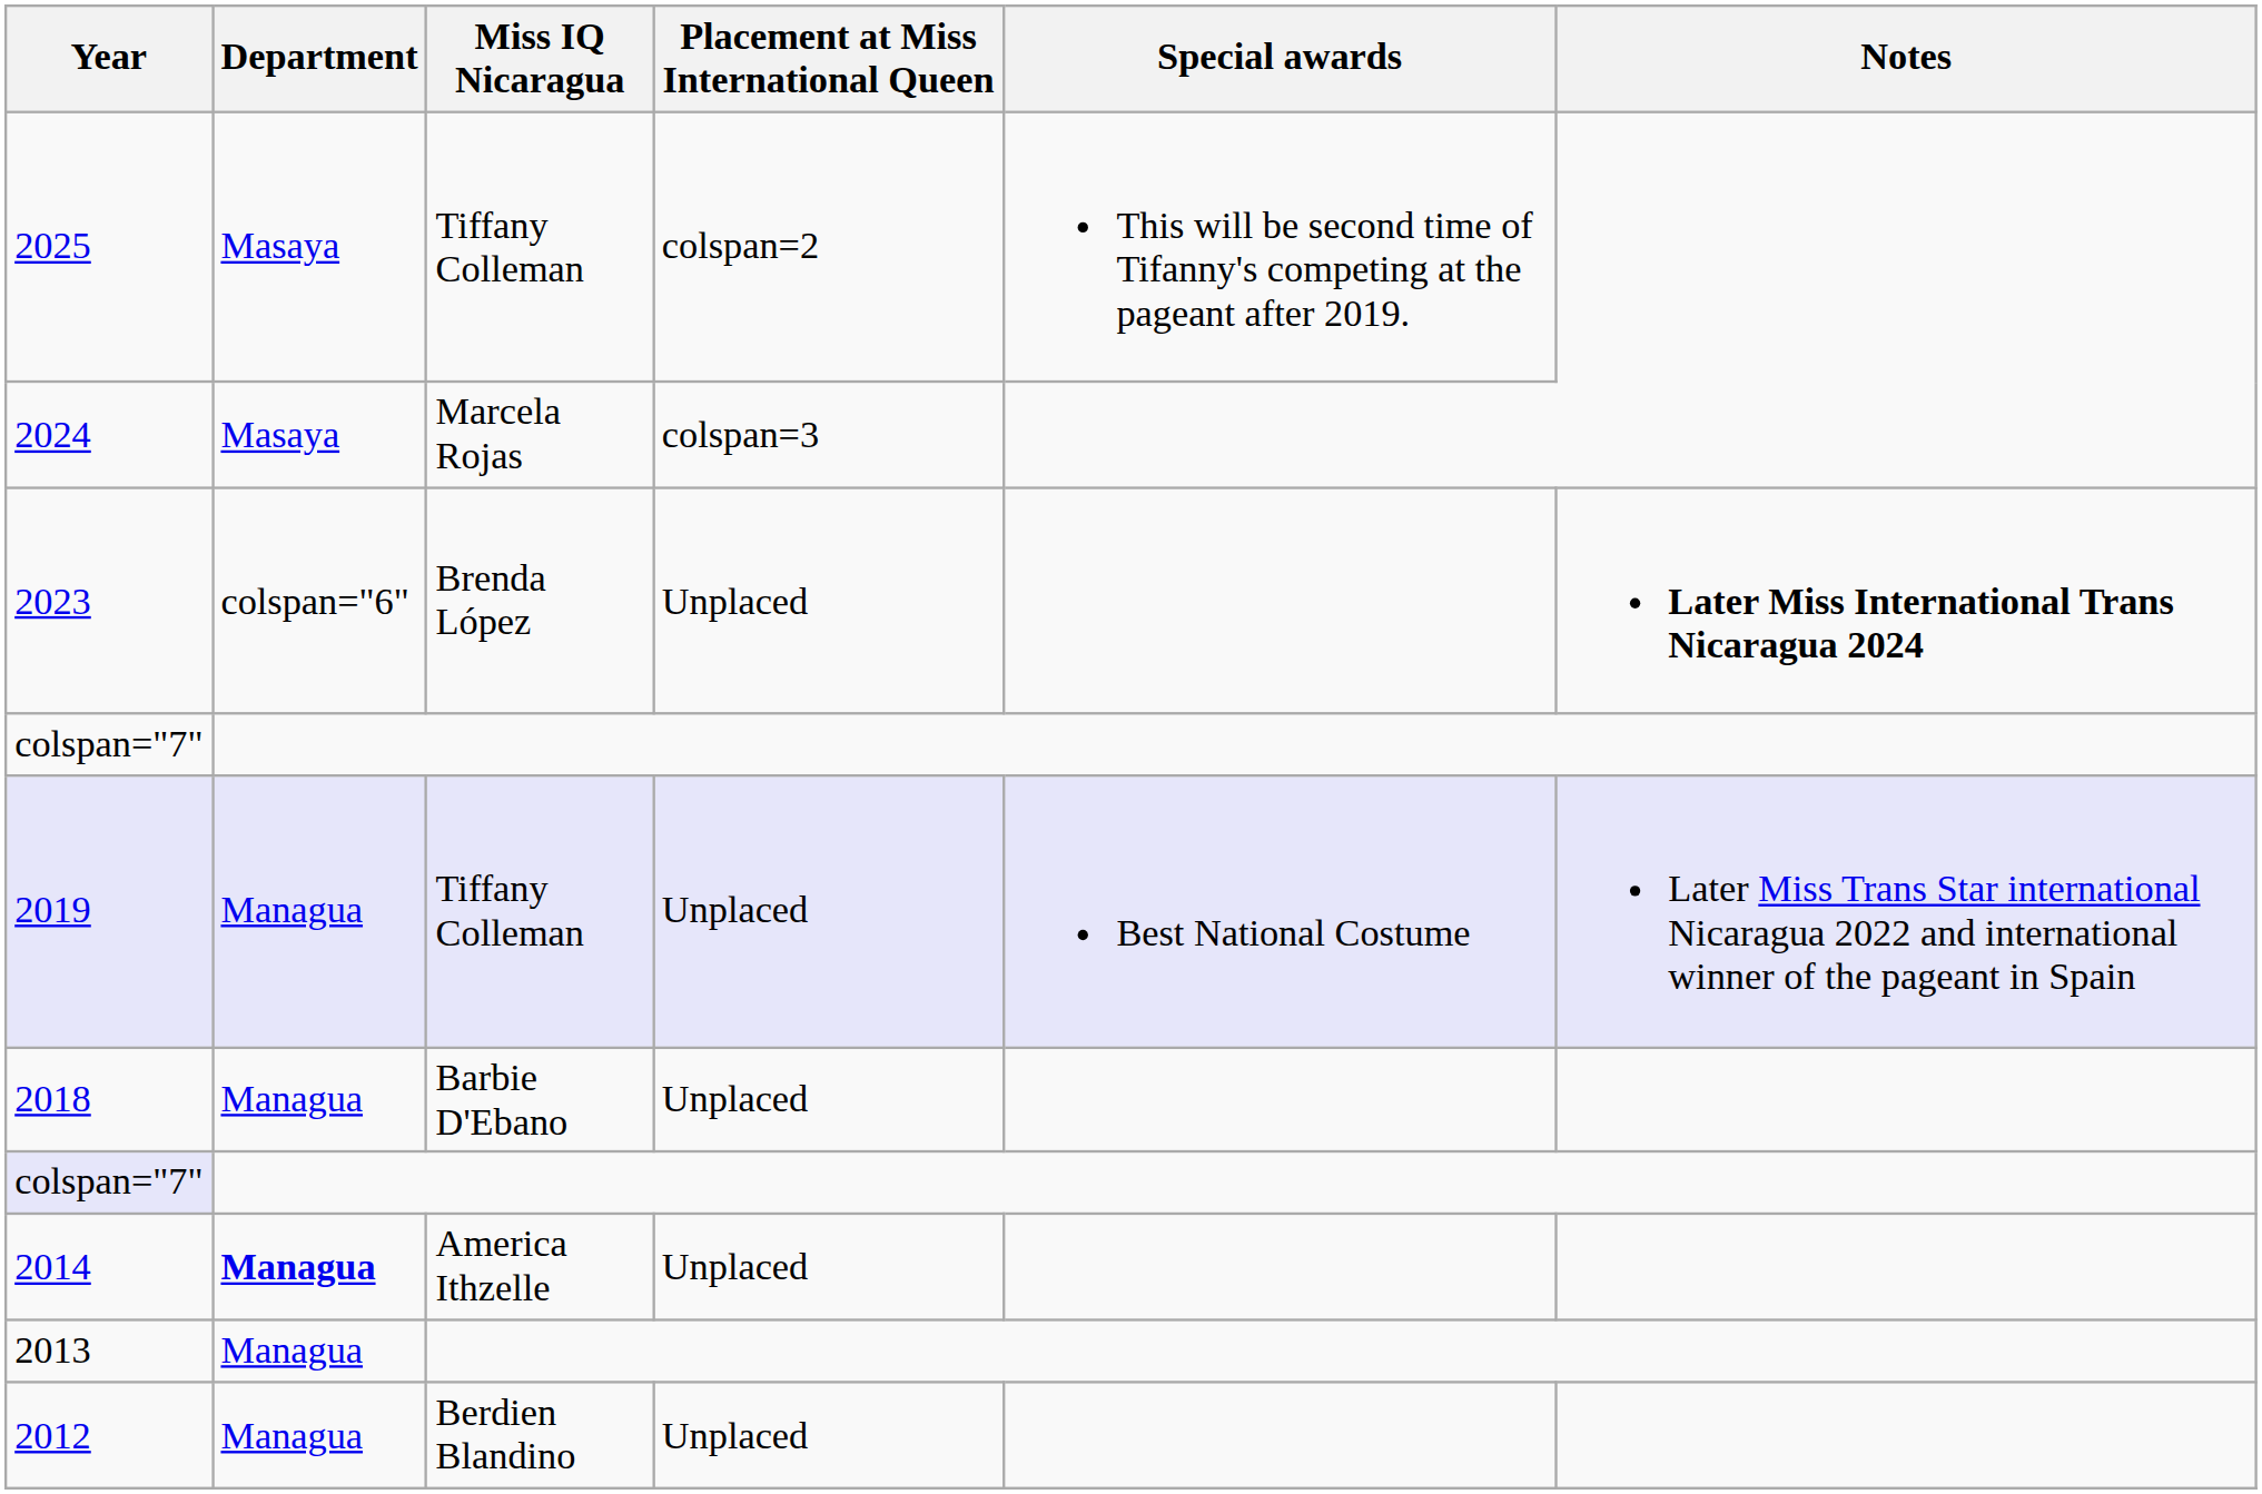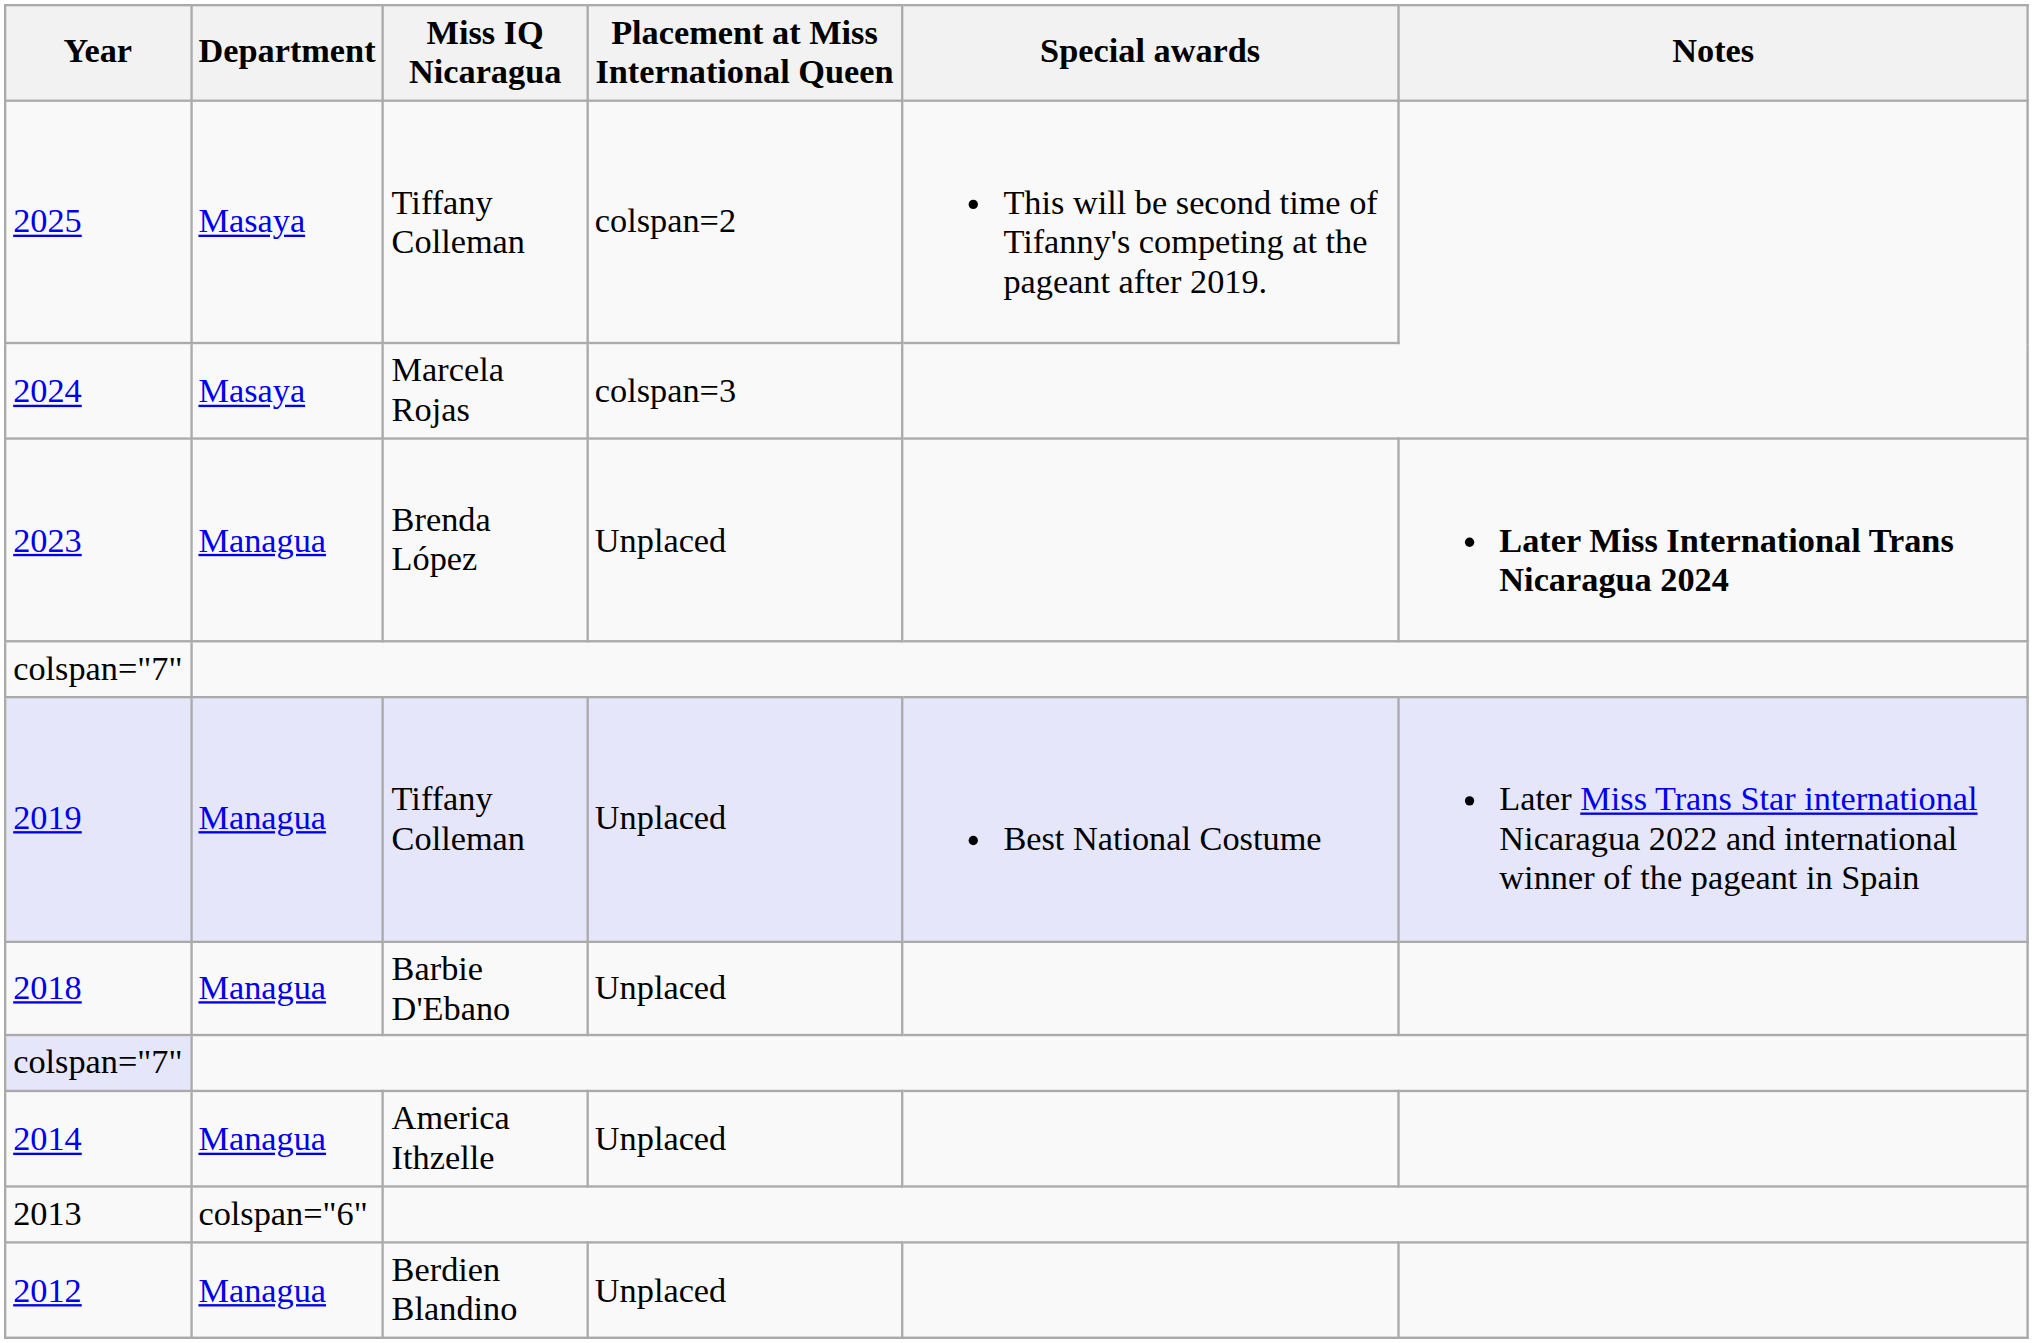 <table class="wikitable" style="font-size: 92%">
 <tr>
 <th>Year</th>
 <th>Department</th>
 <th>Miss IQ Nicaragua</th>
 <th>Placement at Miss International Queen</th>
 <th>Special awards</th>
 <th>Notes</th>
 </tr>
 <tr>
 <td><a href='#'>2025</a></td>
 <td><a href='#'>Masaya</a></td>
 <td>Tiffany Colleman</td>
 <td>colspan=2 </td>
 <td><br><ul><li>This will be second time of Tifanny's competing at the pageant after 2019.</li></ul></td>
 </tr>
 <tr>
 <td><a href='#'>2024</a></td>
 <td><a href='#'>Masaya</a></td>
 <td>Marcela Rojas</td>
 <td>colspan=3 </td>
 </tr>
 <tr>
 <td><a href='#'>2023</a></td>
-<td>colspan="6" </td>
+<td><a href='#'>Managua</a></td>
 <td>Brenda López</td>
 <td>Unplaced</td>
 <td></td>
 <td><strong><br><ul><li>Later Miss International Trans Nicaragua 2024</li></ul></strong></td>
 </tr>
 <tr>
 <td>colspan="7" </td>
 </tr>
 <tr style="background-color:#E6E6FA">
 <td><a href='#'>2019</a></td>
 <td><a href='#'>Managua</a></td>
 <td>Tiffany Colleman</td>
 <td>Unplaced</td>
 <td><br><ul><li>Best National Costume</li></ul></td>
 <td><br><ul><li>Later <a href='#'>Miss Trans Star international</a> Nicaragua 2022 and international winner of the pageant in Spain</li></ul></td>
 </tr>
 <tr>
 <td><a href='#'>2018</a></td>
 <td><a href='#'>Managua</a></td>
 <td>Barbie D'Ebano</td>
 <td>Unplaced</td>
 <td></td>
 <td></td>
 </tr>
 <tr style="background:#E6E6FA;">
 <td>colspan="7" </td>
 </tr>
 <tr>
 <td><a href='#'>2014</a></td>
-<td><strong><a href='#'>Managua</a></strong></td>
+<td><a href='#'>Managua</a></td>
 <td>America Ithzelle</td>
 <td>Unplaced</td>
 <td></td>
 <td></td>
 </tr>
 <tr>
 <td>2013</td>
-<td><a href='#'>Managua</a></td>
+<td>colspan="6" </td>
 </tr>
 <tr>
 <td><a href='#'>2012</a></td>
 <td><a href='#'>Managua</a></td>
 <td>Berdien Blandino</td>
 <td>Unplaced</td>
 <td></td>
 <td></td>
 </tr>
 <tr>
 </tr>
 </table>
